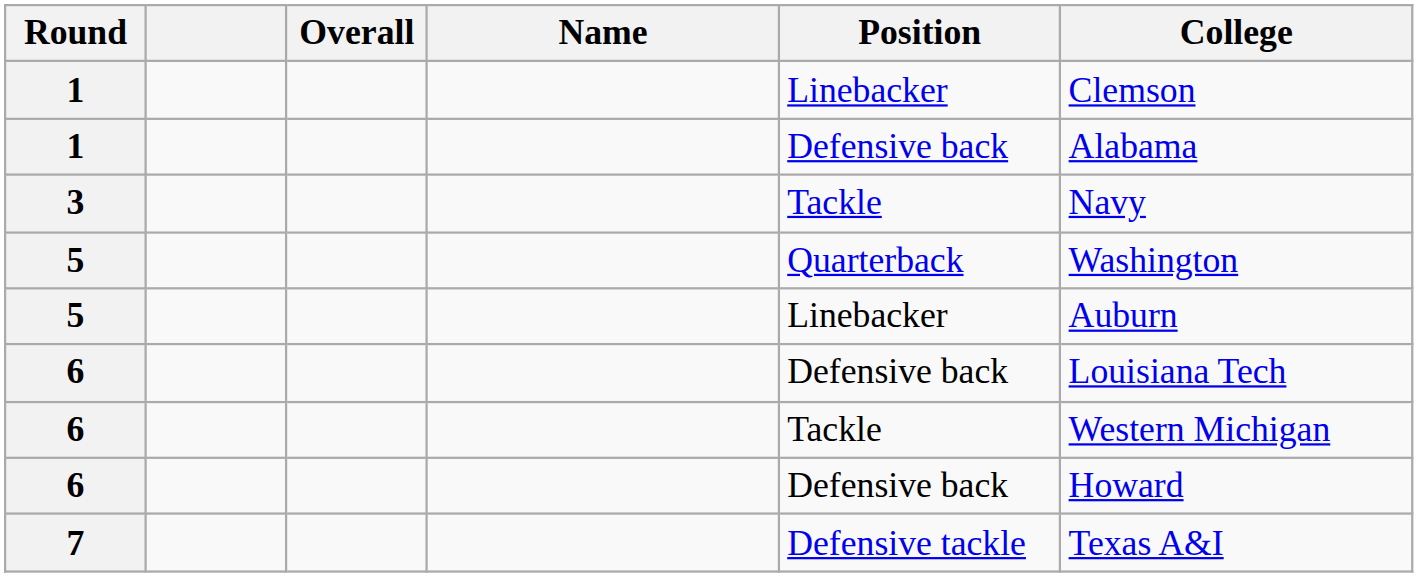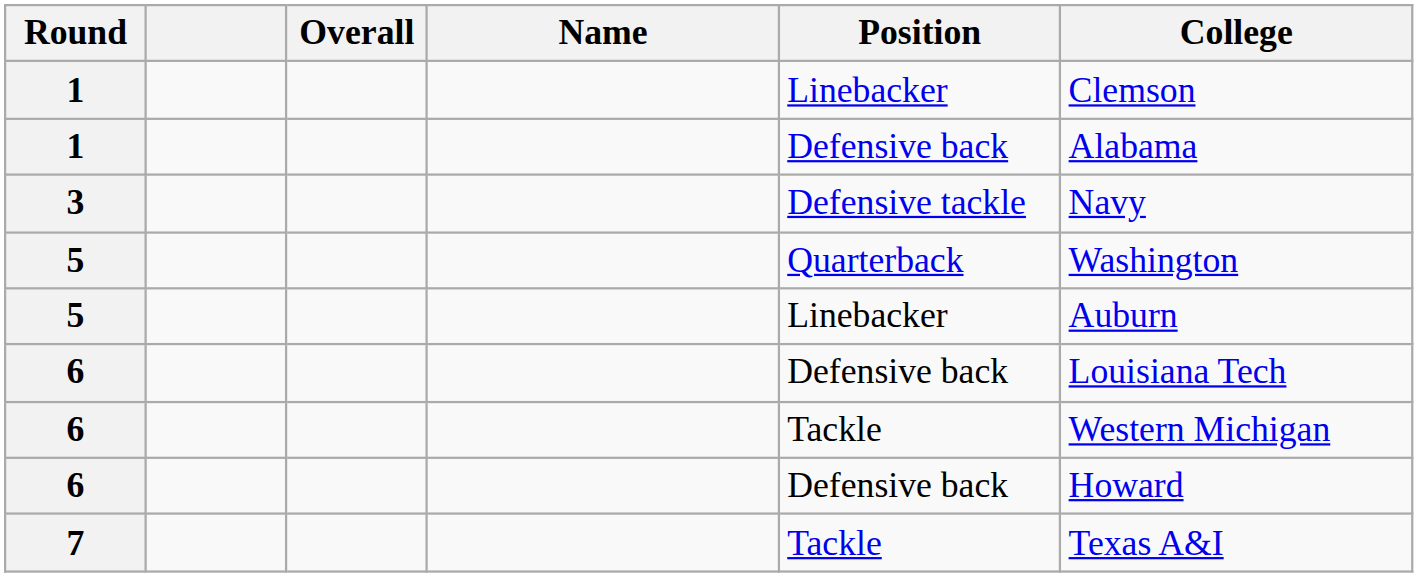 <table class="wikitable sortable" style="width: 50%;">
 <tr>
 <th scope="col" style="width: 10%;">Round</th>
 <th scope="col" style="width: 10%;"></th>
 <th scope="col" style="width: 10%;">Overall</th>
 <th scope="col" style="width: 25%;">Name</th>
 <th scope="col" style="width: 20%;">Position</th>
 <th scope="col" style="width: 25%;">College</th>
 </tr>
 <tr>
 <th scope="row">1</th>
 <td></td>
 <td></td>
 <td></td>
 <td><a href='#'>Linebacker</a></td>
 <td><a href='#'>Clemson</a></td>
 </tr>
 <tr>
 <th scope="row">1</th>
 <td></td>
 <td></td>
 <td></td>
 <td><a href='#'>Defensive back</a></td>
 <td><a href='#'>Alabama</a></td>
 </tr>
 <tr>
 <th scope="row">3</th>
 <td></td>
 <td></td>
 <td></td>
-<td><a href='#'>Tackle</a></td>
+<td><a href='#'>Defensive tackle</a></td>
 <td><a href='#'>Navy</a></td>
 </tr>
 <tr>
 <th scope="row">5</th>
 <td></td>
 <td></td>
 <td></td>
 <td><a href='#'>Quarterback</a></td>
 <td><a href='#'>Washington</a></td>
 </tr>
 <tr>
 <th scope="row">5</th>
 <td></td>
 <td></td>
 <td></td>
 <td>Linebacker</td>
 <td><a href='#'>Auburn</a></td>
 </tr>
 <tr>
 <th scope="row">6</th>
 <td></td>
 <td></td>
 <td></td>
 <td>Defensive back</td>
 <td><a href='#'>Louisiana Tech</a></td>
 </tr>
 <tr>
 <th scope="row">6</th>
 <td></td>
 <td></td>
 <td></td>
 <td>Tackle</td>
 <td><a href='#'>Western Michigan</a></td>
 </tr>
 <tr>
 <th scope="row">6</th>
 <td></td>
 <td></td>
 <td></td>
 <td>Defensive back</td>
 <td><a href='#'>Howard</a></td>
 </tr>
 <tr>
 <th scope="row">7</th>
 <td></td>
 <td></td>
 <td></td>
-<td><a href='#'>Defensive tackle</a></td>
+<td><a href='#'>Tackle</a></td>
 <td><a href='#'>Texas A&I</a></td>
 </tr>
 </table>
